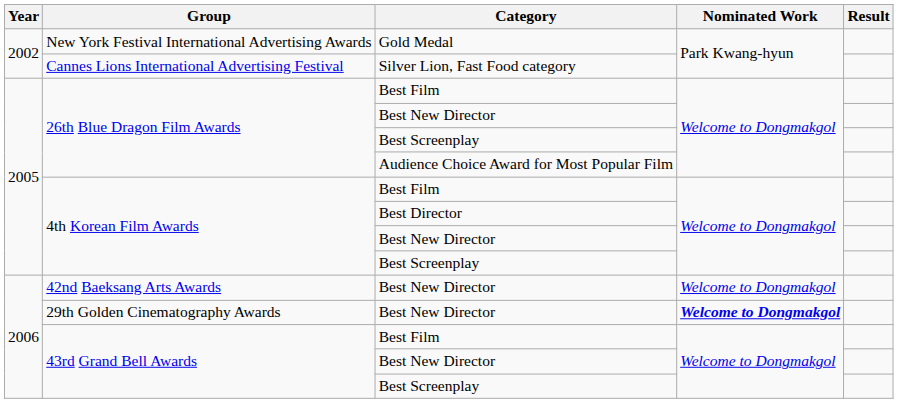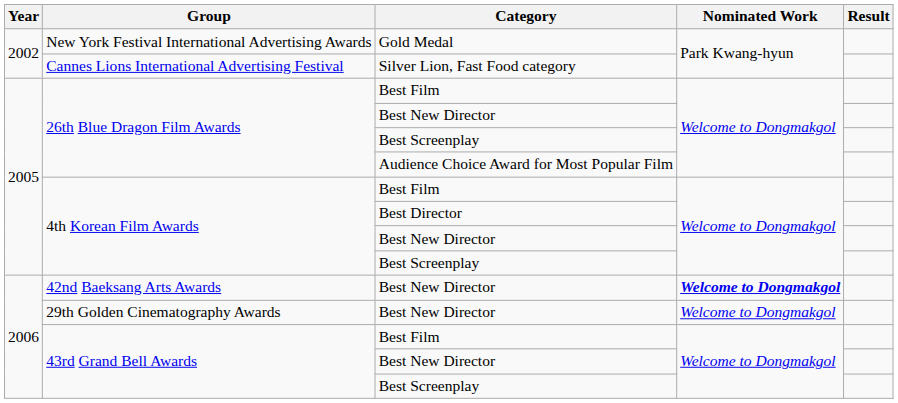 <table class="wikitable">
 <tr>
 <th>Year</th>
 <th>Group</th>
 <th>Category</th>
 <th>Nominated Work</th>
 <th>Result</th>
 </tr>
 <tr>
 <td rowspan="2">2002</td>
 <td>New York Festival International Advertising Awards</td>
 <td>Gold Medal</td>
 <td rowspan="2">Park Kwang-hyun</td>
 <td></td>
 </tr>
 <tr>
 <td><a href='#'>Cannes Lions International Advertising Festival</a></td>
 <td>Silver Lion, Fast Food category</td>
 <td></td>
 </tr>
 <tr>
 <td rowspan="8">2005</td>
 <td rowspan="4"><a href='#'>26th</a> <a href='#'>Blue Dragon Film Awards</a></td>
 <td>Best Film</td>
 <td rowspan="4"><em><a href='#'>Welcome to Dongmakgol</a></em></td>
 <td></td>
 </tr>
 <tr>
 <td>Best New Director</td>
 <td></td>
 </tr>
 <tr>
 <td>Best Screenplay</td>
 <td></td>
 </tr>
 <tr>
 <td>Audience Choice Award for Most Popular Film</td>
 <td></td>
 </tr>
 <tr>
 <td rowspan="4">4th <a href='#'>Korean Film Awards</a></td>
 <td>Best Film</td>
 <td rowspan="4"><em><a href='#'>Welcome to Dongmakgol</a></em></td>
 <td></td>
 </tr>
 <tr>
 <td>Best Director</td>
 <td></td>
 </tr>
 <tr>
 <td>Best New Director</td>
 <td></td>
 </tr>
 <tr>
 <td>Best Screenplay</td>
 <td></td>
 </tr>
 <tr>
 <td rowspan="5">2006</td>
 <td><a href='#'>42nd</a> <a href='#'>Baeksang Arts Awards</a></td>
 <td>Best New Director</td>
-<td><em><a href='#'>Welcome to Dongmakgol</a></em></td>
+<td><strong><em><a href='#'>Welcome to Dongmakgol</a></em></strong></td>
 <td></td>
 </tr>
 <tr>
 <td>29th Golden Cinematography Awards</td>
 <td>Best New Director</td>
-<td><strong><em><a href='#'>Welcome to Dongmakgol</a></em></strong></td>
+<td><em><a href='#'>Welcome to Dongmakgol</a></em></td>
 <td></td>
 </tr>
 <tr>
 <td rowspan="3"><a href='#'>43rd</a> <a href='#'>Grand Bell Awards</a></td>
 <td>Best Film</td>
 <td rowspan="3"><em><a href='#'>Welcome to Dongmakgol</a></em></td>
 <td></td>
 </tr>
 <tr>
 <td>Best New Director</td>
 <td></td>
 </tr>
 <tr>
 <td>Best Screenplay</td>
 <td></td>
 </tr>
 </table>
